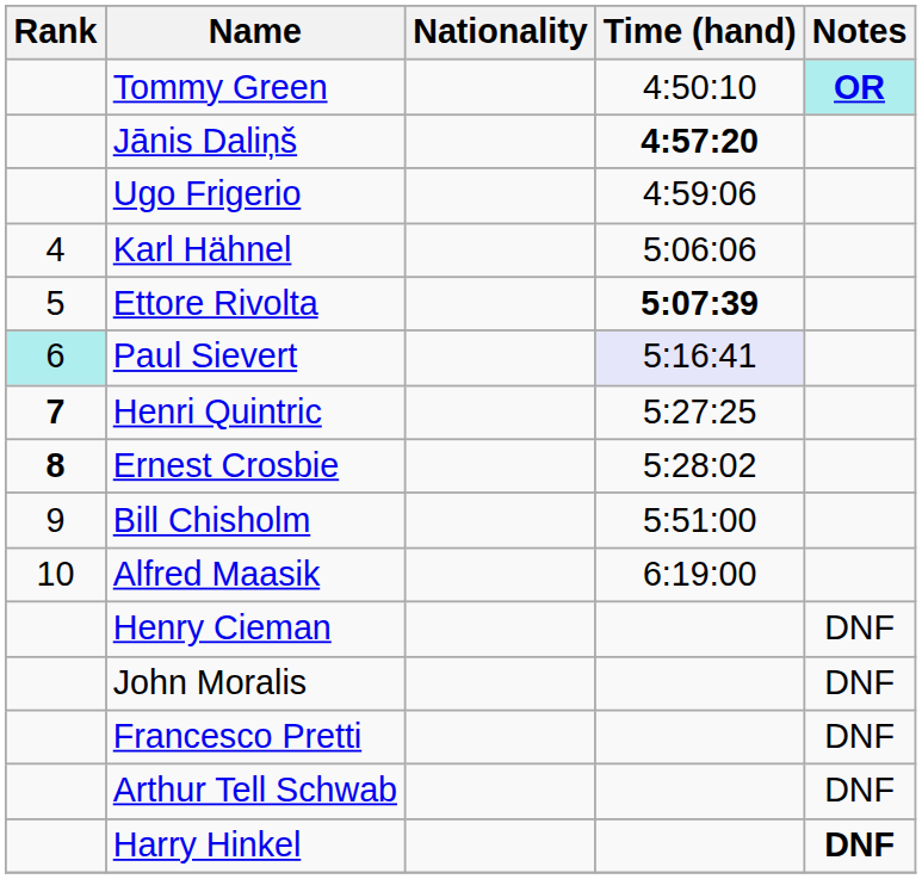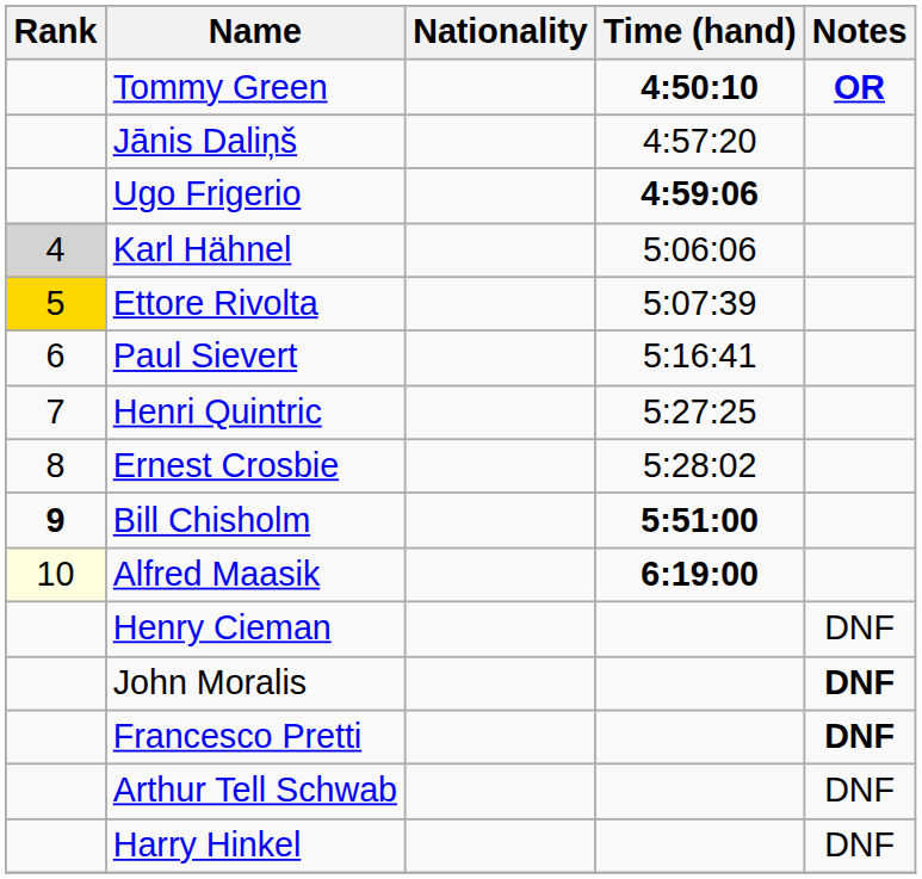 <table class="wikitable sortable" style="text-align:center">
 <tr>
 <th>Rank</th>
 <th>Name</th>
 <th>Nationality</th>
 <th>Time (hand)</th>
 <th>Notes</th>
 </tr>
 <tr>
 <td></td>
 <td align=left><a href='#'>Tommy Green</a></td>
 <td align=left></td>
-<td>4:50:10</td>
-<td style="background: paleturquoise;"><strong><a href='#'>OR</a></strong></td>
+<td><strong>4:50:10</strong></td>
+<td><strong><a href='#'>OR</a></strong></td>
 </tr>
 <tr>
 <td></td>
 <td align=left><a href='#'>Jānis Daliņš</a></td>
 <td align=left></td>
-<td><strong>4:57:20</strong></td>
+<td>4:57:20</td>
 <td><strong> </strong></td>
 </tr>
 <tr>
 <td></td>
 <td align=left><a href='#'>Ugo Frigerio</a></td>
 <td align=left></td>
-<td>4:59:06</td>
+<td><strong>4:59:06</strong></td>
 <td></td>
 </tr>
 <tr>
-<td>4</td>
+<td style="background: lightgrey;">4</td>
 <td align=left><a href='#'>Karl Hähnel</a></td>
 <td align=left></td>
 <td>5:06:06</td>
 <td></td>
 </tr>
 <tr>
-<td>5</td>
+<td style="background: gold;">5</td>
 <td align=left><a href='#'>Ettore Rivolta</a></td>
 <td align=left></td>
-<td><strong>5:07:39</strong></td>
+<td>5:07:39</td>
 <td><strong> </strong></td>
 </tr>
 <tr>
-<td style="background: paleturquoise;">6</td>
+<td>6</td>
 <td align=left><a href='#'>Paul Sievert</a></td>
 <td align=left></td>
-<td style="background: lavender;">5:16:41</td>
+<td>5:16:41</td>
 <td></td>
 </tr>
 <tr>
-<td><strong>7</strong></td>
+<td>7</td>
 <td align=left><a href='#'>Henri Quintric</a></td>
 <td align=left></td>
 <td>5:27:25</td>
 <td></td>
 </tr>
 <tr>
-<td><strong>8</strong></td>
+<td>8</td>
 <td align=left><a href='#'>Ernest Crosbie</a></td>
 <td align=left></td>
 <td>5:28:02</td>
 <td></td>
 </tr>
 <tr>
-<td>9</td>
+<td><strong>9</strong></td>
 <td align=left><a href='#'>Bill Chisholm</a></td>
 <td align=left></td>
-<td>5:51:00</td>
+<td><strong>5:51:00</strong></td>
 <td></td>
 </tr>
 <tr>
-<td>10</td>
+<td style="background: lightyellow;">10</td>
 <td align=left><a href='#'>Alfred Maasik</a></td>
 <td align=left></td>
-<td>6:19:00</td>
+<td><strong>6:19:00</strong></td>
 <td></td>
 </tr>
 <tr>
 <td></td>
 <td align=left><a href='#'>Henry Cieman</a></td>
 <td align=left></td>
 <td></td>
 <td>DNF</td>
 </tr>
 <tr>
 <td></td>
 <td align=left>John Moralis</td>
 <td align=left></td>
 <td></td>
-<td>DNF</td>
+<td><strong>DNF</strong></td>
 </tr>
 <tr>
 <td></td>
 <td align=left><a href='#'>Francesco Pretti</a></td>
 <td align=left></td>
 <td></td>
-<td>DNF</td>
+<td><strong>DNF</strong></td>
 </tr>
 <tr>
 <td></td>
 <td align=left><a href='#'>Arthur Tell Schwab</a></td>
 <td align=left></td>
 <td></td>
 <td>DNF</td>
 </tr>
 <tr>
 <td></td>
 <td align=left><a href='#'>Harry Hinkel</a></td>
 <td align=left></td>
 <td></td>
-<td><strong>DNF</strong></td>
+<td>DNF</td>
 </tr>
 <tr>
 </tr>
 </table>
